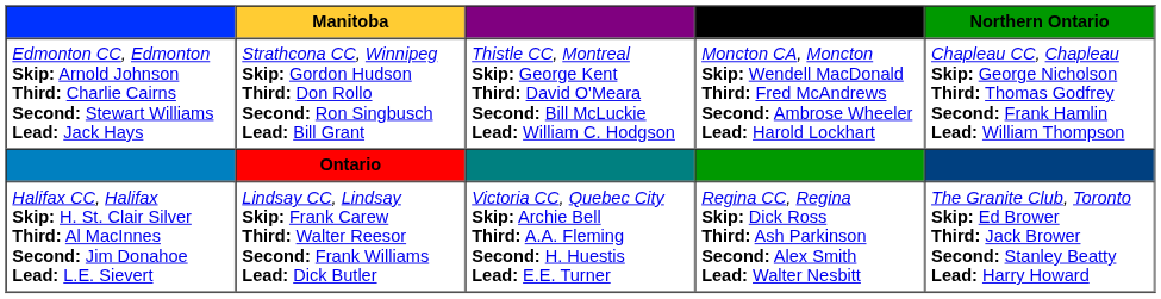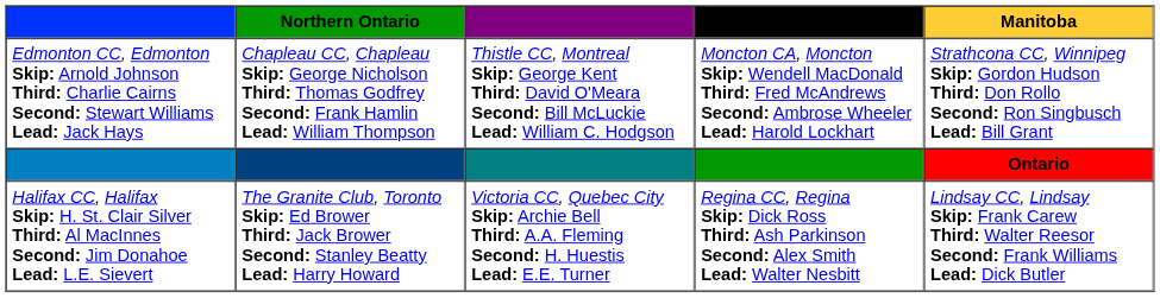 <table - border=1 cellpadding=5 cellspacing=0>
 <tr>
 <th bgcolor=#0033FF width=200></th>
-<th style="background:#FFCC33; width:200px;">Manitoba</th>
+<th style="background:#009900; width:200px;">Northern Ontario</th>
 <th bgcolor=#800080 width=200></th>
 <th bgcolor=#000000 width=200></th>
-<th style="background:#009900; width:200px;">Northern Ontario</th>
+<th style="background:#FFCC33; width:200px;">Manitoba</th>
 </tr>
 <tr>
 <td><em><a href='#'>Edmonton CC</a>, <a href='#'>Edmonton</a></em><br><strong>Skip:</strong> <a href='#'>Arnold Johnson</a><br> <strong>Third:</strong> <a href='#'>Charlie Cairns</a><br> <strong>Second:</strong> <a href='#'>Stewart Williams</a><br> <strong>Lead:</strong> <a href='#'>Jack Hays</a></td>
-<td><em><a href='#'>Strathcona CC</a>, <a href='#'>Winnipeg</a></em><br><strong>Skip:</strong> <a href='#'>Gordon Hudson</a><br> <strong>Third:</strong> <a href='#'>Don Rollo</a><br> <strong>Second:</strong> <a href='#'>Ron Singbusch</a><br> <strong>Lead:</strong> <a href='#'>Bill Grant</a></td>
+<td><em><a href='#'>Chapleau CC</a>, <a href='#'>Chapleau</a></em><br><strong>Skip:</strong> <a href='#'>George Nicholson</a><br> <strong>Third:</strong> <a href='#'>Thomas Godfrey</a><br> <strong>Second:</strong> <a href='#'>Frank Hamlin</a><br> <strong>Lead:</strong> <a href='#'>William Thompson</a></td>
 <td><em><a href='#'>Thistle CC</a>, <a href='#'>Montreal</a></em><br><strong>Skip:</strong> <a href='#'>George Kent</a><br> <strong>Third:</strong> <a href='#'>David O'Meara</a><br> <strong>Second:</strong> <a href='#'>Bill McLuckie</a><br> <strong>Lead:</strong> <a href='#'>William C. Hodgson</a></td>
 <td><em><a href='#'>Moncton CA</a>, <a href='#'>Moncton</a></em><br><strong>Skip:</strong> <a href='#'>Wendell MacDonald</a><br> <strong>Third:</strong> <a href='#'>Fred McAndrews</a><br> <strong>Second:</strong> <a href='#'>Ambrose Wheeler</a><br> <strong>Lead:</strong> <a href='#'>Harold Lockhart</a></td>
-<td><em><a href='#'>Chapleau CC</a>, <a href='#'>Chapleau</a></em><br><strong>Skip:</strong> <a href='#'>George Nicholson</a><br> <strong>Third:</strong> <a href='#'>Thomas Godfrey</a><br> <strong>Second:</strong> <a href='#'>Frank Hamlin</a><br> <strong>Lead:</strong> <a href='#'>William Thompson</a></td>
+<td><em><a href='#'>Strathcona CC</a>, <a href='#'>Winnipeg</a></em><br><strong>Skip:</strong> <a href='#'>Gordon Hudson</a><br> <strong>Third:</strong> <a href='#'>Don Rollo</a><br> <strong>Second:</strong> <a href='#'>Ron Singbusch</a><br> <strong>Lead:</strong> <a href='#'>Bill Grant</a></td>
 </tr>
 <tr border=1 cellpadding=5 cellspacing=0>
 <th bgcolor=#0080C0 width=200></th>
-<th bgcolor=#FF0000 width=200>Ontario</th>
+<th bgcolor=#004080 width=200></th>
 <th style="background:#008080; width:200px;"></th>
 <th bgcolor=#009900 width=200></th>
-<th bgcolor=#004080 width=200></th>
+<th bgcolor=#FF0000 width=200>Ontario</th>
 </tr>
 <tr>
 <td><em><a href='#'>Halifax CC</a>, <a href='#'>Halifax</a></em><br><strong>Skip:</strong> <a href='#'>H. St. Clair Silver</a><br> <strong>Third:</strong> <a href='#'>Al MacInnes</a><br> <strong>Second:</strong> <a href='#'>Jim Donahoe</a><br> <strong>Lead:</strong> <a href='#'>L.E. Sievert</a></td>
-<td><em><a href='#'>Lindsay CC</a>, <a href='#'>Lindsay</a></em><br><strong>Skip:</strong> <a href='#'>Frank Carew</a><br> <strong>Third:</strong> <a href='#'>Walter Reesor</a><br> <strong>Second:</strong> <a href='#'>Frank Williams</a><br> <strong>Lead:</strong> <a href='#'>Dick Butler</a></td>
+<td><em><a href='#'>The Granite Club</a>, <a href='#'>Toronto</a></em><br><strong>Skip:</strong> <a href='#'>Ed Brower</a><br> <strong>Third:</strong> <a href='#'>Jack Brower</a><br> <strong>Second:</strong> <a href='#'>Stanley Beatty</a><br> <strong>Lead:</strong> <a href='#'>Harry Howard</a></td>
 <td><em><a href='#'>Victoria CC</a>, <a href='#'>Quebec City</a></em><br><strong>Skip:</strong> <a href='#'>Archie Bell</a><br> <strong>Third:</strong> <a href='#'>A.A. Fleming</a><br> <strong>Second:</strong> <a href='#'>H. Huestis</a><br> <strong>Lead:</strong> <a href='#'>E.E. Turner</a></td>
 <td><em><a href='#'>Regina CC</a>, <a href='#'>Regina</a></em><br><strong>Skip:</strong> <a href='#'>Dick Ross</a><br> <strong>Third:</strong> <a href='#'>Ash Parkinson</a><br> <strong>Second:</strong> <a href='#'>Alex Smith</a><br> <strong>Lead:</strong> <a href='#'>Walter Nesbitt</a></td>
-<td><em><a href='#'>The Granite Club</a>, <a href='#'>Toronto</a></em><br><strong>Skip:</strong> <a href='#'>Ed Brower</a><br> <strong>Third:</strong> <a href='#'>Jack Brower</a><br> <strong>Second:</strong> <a href='#'>Stanley Beatty</a><br> <strong>Lead:</strong> <a href='#'>Harry Howard</a></td>
+<td><em><a href='#'>Lindsay CC</a>, <a href='#'>Lindsay</a></em><br><strong>Skip:</strong> <a href='#'>Frank Carew</a><br> <strong>Third:</strong> <a href='#'>Walter Reesor</a><br> <strong>Second:</strong> <a href='#'>Frank Williams</a><br> <strong>Lead:</strong> <a href='#'>Dick Butler</a></td>
 </tr>
 </table>
